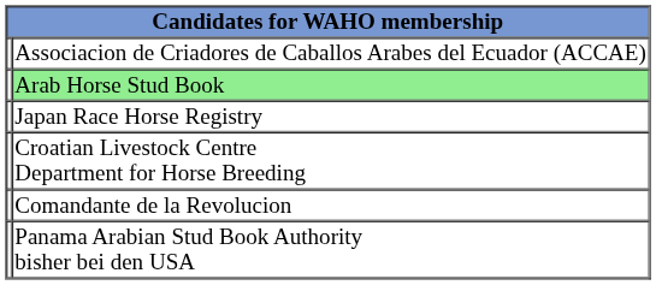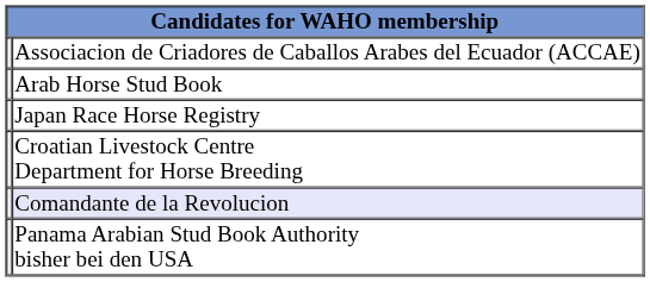 <table border="1" cellspacing="0">
 <tr>
 <th colspan="3"  style="text-align:center; background:#7797d2;">Candidates for WAHO membership</th>
 </tr>
 <tr>
 <td></td>
 <td>Associacion de Criadores de Caballos Arabes del Ecuador (ACCAE)</td>
 </tr>
 <tr>
 <td></td>
-<td style="background: lightgreen;">Arab Horse Stud Book</td>
+<td>Arab Horse Stud Book</td>
 </tr>
 <tr>
 <td></td>
 <td>Japan Race Horse Registry</td>
 </tr>
 <tr>
 <td></td>
 <td>Croatian Livestock Centre <br>Department for Horse Breeding</td>
 </tr>
 <tr>
 <td></td>
-<td>Comandante de la Revolucion</td>
+<td style="background: lavender;">Comandante de la Revolucion</td>
 </tr>
 <tr>
 <td></td>
 <td>Panama Arabian Stud Book Authority <br>bisher bei den USA</td>
 </tr>
 </table>
